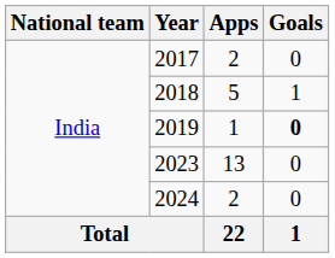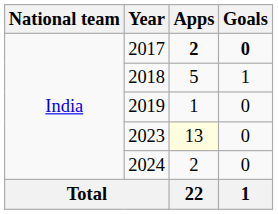 <table class="wikitable" style="text-align: center;">
 <tr>
 <th>National team</th>
 <th>Year</th>
 <th>Apps</th>
 <th>Goals</th>
 </tr>
 <tr>
 <td rowspan="5"><a href='#'>India</a></td>
 <td>2017</td>
-<td>2</td>
-<td>0</td>
+<td><strong>2</strong></td>
+<td><strong>0</strong></td>
 </tr>
 <tr>
 <td>2018</td>
 <td>5</td>
 <td>1</td>
 </tr>
 <tr>
 <td>2019</td>
 <td>1</td>
-<td><strong>0</strong></td>
+<td>0</td>
 </tr>
 <tr>
 <td>2023</td>
-<td>13</td>
+<td style="background: lightyellow;">13</td>
 <td>0</td>
 </tr>
 <tr>
 <td>2024</td>
 <td>2</td>
 <td>0</td>
 </tr>
 <tr>
 <th colspan="2">Total</th>
 <th>22</th>
 <th>1</th>
 </tr>
 </table>
